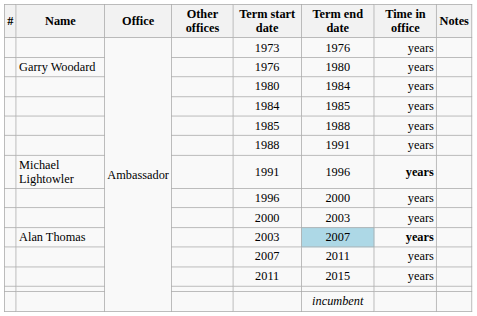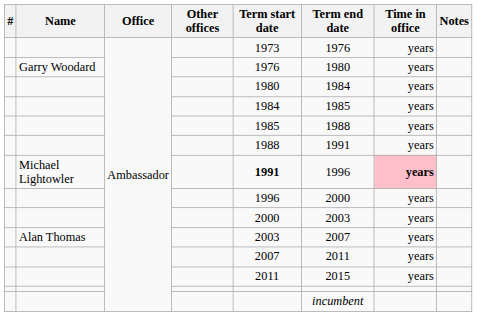 <table class='wikitable sortable'>
 <tr>
 <th>#</th>
 <th>Name</th>
 <th>Office</th>
 <th>Other offices</th>
 <th>Term start date</th>
 <th>Term end date</th>
 <th>Time in office</th>
 <th>Notes</th>
 </tr>
 <tr>
 <td align=center></td>
 <td></td>
 <td rowspan=14>Ambassador</td>
 <td></td>
 <td align=center>1973</td>
 <td align=center>1976</td>
 <td align=right> years</td>
 <td></td>
 </tr>
 <tr>
 <td align=center></td>
 <td>Garry Woodard</td>
 <td></td>
 <td align=center>1976</td>
 <td align=center>1980</td>
 <td align=right> years</td>
 <td></td>
 </tr>
 <tr>
 <td align=center></td>
 <td></td>
 <td></td>
 <td align=center>1980</td>
 <td align=center>1984</td>
 <td align=right> years</td>
 <td></td>
 </tr>
 <tr>
 <td align=center></td>
 <td></td>
 <td></td>
 <td align=center>1984</td>
 <td align=center>1985</td>
 <td align=right> years</td>
 <td></td>
 </tr>
 <tr>
 <td align=center></td>
 <td></td>
 <td></td>
 <td align=center>1985</td>
 <td align=center>1988</td>
 <td align=right> years</td>
 <td></td>
 </tr>
 <tr>
 <td align=center></td>
 <td></td>
 <td></td>
 <td align=center>1988</td>
 <td align=center>1991</td>
 <td align=right> years</td>
 <td></td>
 </tr>
 <tr>
 <td align=center></td>
 <td>Michael Lightowler</td>
 <td></td>
-<td align=center>1991</td>
+<td align=center><strong>1991</strong></td>
 <td align=center>1996</td>
-<td align=right><strong> years</strong></td>
+<td align=right style="background: pink;"><strong> years</strong></td>
 <td></td>
 </tr>
 <tr>
 <td align=center></td>
 <td></td>
 <td></td>
 <td align=center>1996</td>
 <td align=center>2000</td>
 <td align=right> years</td>
 <td></td>
 </tr>
 <tr>
 <td align=center></td>
 <td></td>
 <td></td>
 <td align=center>2000</td>
 <td align=center>2003</td>
 <td align=right> years</td>
 <td></td>
 </tr>
 <tr>
 <td align=center></td>
 <td>Alan Thomas</td>
 <td></td>
 <td align=center>2003</td>
-<td align=center style="background: lightblue;">2007</td>
-<td align=right><strong> years</strong></td>
+<td align=center>2007</td>
+<td align=right> years</td>
 <td></td>
 </tr>
 <tr>
 <td align=center></td>
 <td></td>
 <td></td>
 <td align=center>2007</td>
 <td align=center>2011</td>
 <td align=right> years</td>
 <td></td>
 </tr>
 <tr>
 <td align=center></td>
 <td></td>
 <td></td>
 <td align=center>2011</td>
 <td align=center>2015</td>
 <td align=right> years</td>
 <td></td>
 </tr>
 <tr>
 <td align=center></td>
 <td> </td>
 <td></td>
 <td align=center></td>
 <td align=center></td>
 <td align=right></td>
 <td></td>
 </tr>
 <tr>
 <td align=center></td>
 <td></td>
 <td></td>
 <td align=center></td>
 <td align=center><em>incumbent</em></td>
 <td align=right></td>
 <td></td>
 </tr>
 </table>
